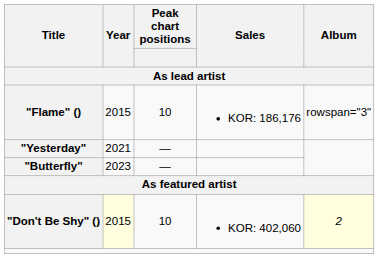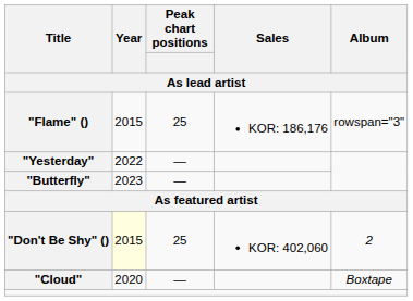 <table class="wikitable plainrowheaders" style="text-align:center">
 <tr>
 <th rowspan="2" scope="col">Title</th>
 <th rowspan="2" scope="col">Year</th>
 <th colspan="1" scope="col" style="width:5em">Peak chart positions</th>
 <th rowspan="2" scope="col">Sales</th>
 <th rowspan="2" scope="col">Album</th>
 </tr>
 <tr>
 <th scope="col"><br></th>
 </tr>
 <tr>
 <th colspan="5">As lead artist</th>
 </tr>
 <tr>
 <th scope="row">"Flame" ()</th>
 <td>2015</td>
-<td>10</td>
+<td>25</td>
 <td><br><ul><li>KOR: 186,176</li></ul></td>
 <td>rowspan="3" </td>
 </tr>
 <tr>
 <th scope="row">"Yesterday"</th>
-<td>2021</td>
+<td>2022</td>
 <td>—</td>
 <td></td>
 </tr>
 <tr>
 <th scope="row">"Butterfly" <br></th>
 <td>2023</td>
 <td>—</td>
 <td></td>
 </tr>
 <tr>
 <th colspan="5">As featured artist</th>
 </tr>
 <tr>
 <th scope="row">"Don't Be Shy" ()<br></th>
 <td style="background: lightyellow;">2015</td>
-<td>10</td>
+<td>25</td>
 <td><br><ul><li>KOR: 402,060</li></ul></td>
-<td style="background: lightyellow;"><em>2</em></td>
+<td><em>2</em></td>
+</tr>
+<tr>
+<th scope="row">"Cloud" <br></th>
+<td>2020</td>
+<td>—</td>
+<td></td>
+<td><em>Boxtape</em></td>
 </tr>
 <tr>
 <td colspan="5"></td>
 </tr>
 </table>
